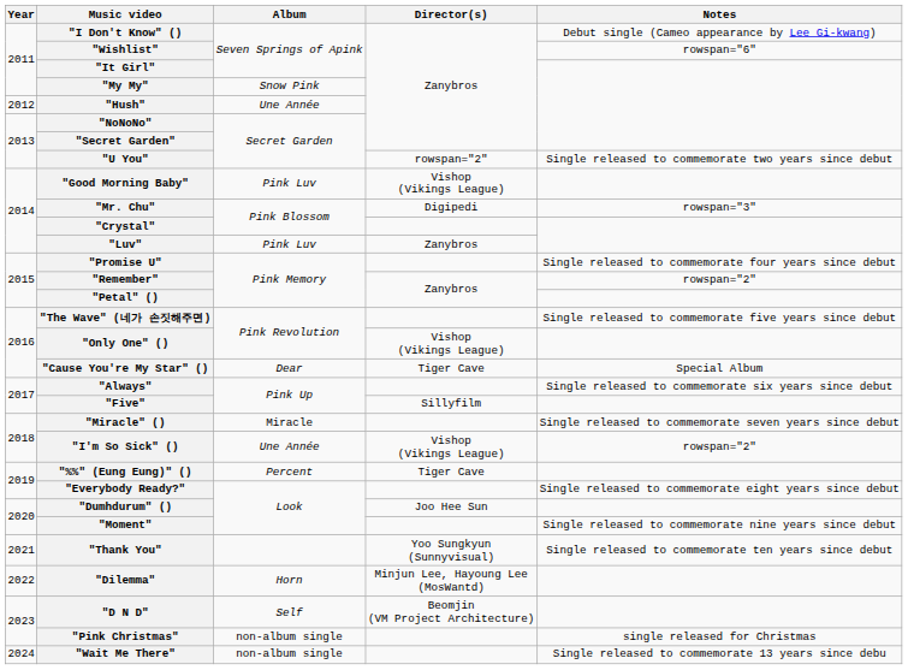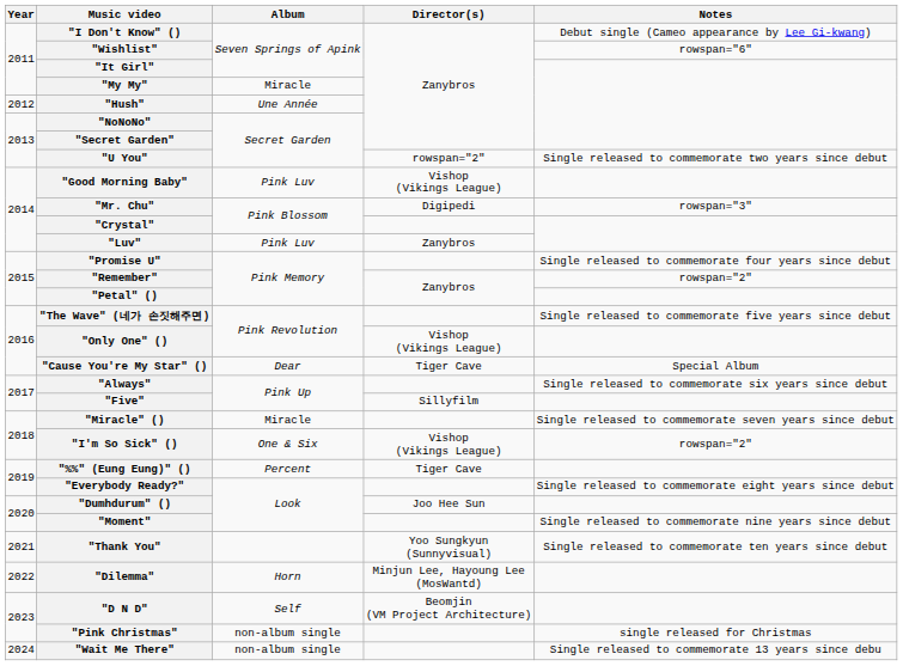 <table class="wikitable plainrowheaders" style="text-align:center; table-layout:fixed; margin-right:0">
 <tr>
 <th>Year</th>
 <th>Music video</th>
 <th>Album</th>
 <th>Director(s)</th>
 <th>Notes</th>
 </tr>
 <tr>
 <td rowspan="4">2011</td>
 <th scope="row">"I Don't Know" ()</th>
 <td rowspan="3"><em>Seven Springs of Apink</em></td>
 <td rowspan="7">Zanybros</td>
 <td>Debut single (Cameo appearance by <a href='#'>Lee Gi-kwang</a>)</td>
 </tr>
 <tr>
 <th scope="row">"Wishlist"</th>
 <td>rowspan="6" </td>
 </tr>
 <tr>
 <th scope="row">"It Girl"</th>
 </tr>
 <tr>
 <th scope="row">"My My"</th>
-<td><em>Snow Pink</em></td>
+<td>Miracle</td>
 </tr>
 <tr>
 <td>2012</td>
 <th scope="row">"Hush"</th>
 <td><em>Une Année</em></td>
 </tr>
 <tr>
 <td rowspan="3">2013</td>
 <th scope="row">"NoNoNo"</th>
 <td rowspan="3"><em>Secret Garden</em></td>
 </tr>
 <tr>
 <th scope="row">"Secret Garden"</th>
 </tr>
 <tr>
 <th scope="row">"U You"</th>
 <td>rowspan="2" </td>
 <td>Single released to commemorate two years since debut</td>
 </tr>
 <tr>
 <td rowspan="4">2014</td>
 <th scope="row">"Good Morning Baby"</th>
 <td><em>Pink Luv</em></td>
 <td>Vishop <br>(Vikings League)</td>
 </tr>
 <tr>
 <th scope="row">"Mr. Chu"</th>
 <td rowspan="2"><em>Pink Blossom</em></td>
 <td>Digipedi</td>
 <td>rowspan="3" </td>
 </tr>
 <tr>
 <th scope="row">"Crystal"</th>
 <td></td>
 </tr>
 <tr>
 <th scope="row">"Luv"</th>
 <td><em>Pink Luv</em></td>
 <td>Zanybros</td>
 </tr>
 <tr>
 <td rowspan="3">2015</td>
 <th scope="row">"Promise U"</th>
 <td rowspan="3"><em>Pink Memory</em></td>
 <td></td>
 <td>Single released to commemorate four years since debut</td>
 </tr>
 <tr>
 <th scope="row">"Remember"</th>
 <td rowspan="2">Zanybros</td>
 <td>rowspan="2" </td>
 </tr>
 <tr>
 <th scope="row">"Petal" ()</th>
 </tr>
 <tr>
 <td rowspan="3">2016</td>
 <th scope="row">"The Wave" (네가 손짓해주면)</th>
 <td rowspan="2"><em>Pink Revolution</em></td>
 <td></td>
 <td>Single released to commemorate five years since debut</td>
 </tr>
 <tr>
 <th scope="row">"Only One" ()</th>
 <td>Vishop <br>(Vikings League)</td>
 <td></td>
 </tr>
 <tr>
 <th scope="row">"Cause You're My Star" ()</th>
 <td><em>Dear</em></td>
 <td>Tiger Cave</td>
 <td>Special Album</td>
 </tr>
 <tr>
 <td rowspan="2">2017</td>
 <th scope="row">"Always"</th>
 <td rowspan="2"><em>Pink Up</em></td>
 <td></td>
 <td>Single released to commemorate six years since debut</td>
 </tr>
 <tr>
 <th scope="row">"Five"</th>
 <td>Sillyfilm</td>
 <td></td>
 </tr>
 <tr>
 <td rowspan="2">2018</td>
 <th scope="row">"Miracle" ()</th>
 <td>Miracle</td>
 <td></td>
 <td>Single released to commemorate seven years since debut</td>
 </tr>
 <tr>
 <th scope="row">"I'm So Sick" ()</th>
-<td><em>Une Année</em></td>
+<td><em>One & Six</em></td>
 <td>Vishop <br>(Vikings League)</td>
 <td>rowspan="2" </td>
 </tr>
 <tr>
 <td rowspan="2">2019</td>
 <th scope="row">"%%" (Eung Eung)" ()</th>
 <td><em>Percent</em></td>
 <td>Tiger Cave</td>
 </tr>
 <tr>
 <th scope="row">"Everybody Ready?"</th>
 <td rowspan="3"><em>Look</em></td>
 <td></td>
 <td>Single released to commemorate eight years since debut</td>
 </tr>
 <tr>
 <td rowspan="2">2020</td>
 <th scope="row">"Dumhdurum" ()</th>
 <td>Joo Hee Sun</td>
 <td></td>
 </tr>
 <tr>
 <th scope="row">"Moment"</th>
 <td></td>
 <td>Single released to commemorate nine years since debut</td>
 </tr>
 <tr>
 <td>2021</td>
 <th scope="row">"Thank You"</th>
 <td></td>
 <td>Yoo Sungkyun<br>(Sunnyvisual)</td>
 <td>Single released to commemorate ten years since debut</td>
 </tr>
 <tr>
 <td>2022</td>
 <th scope="row">"Dilemma"</th>
 <td><em>Horn</em></td>
 <td>Minjun Lee, Hayoung Lee<br>(MosWantd)</td>
 <td></td>
 </tr>
 <tr>
 <td rowspan="2">2023</td>
 <th scope="row">"D N D"</th>
 <td><em>Self</em></td>
 <td>Beomjin<br>(VM Project Architecture)</td>
 <td></td>
 </tr>
 <tr>
 <th scope="row">"Pink Christmas"</th>
 <td>non-album single</td>
 <td></td>
 <td>single released for Christmas</td>
 </tr>
 <tr>
 <td>2024</td>
 <th scope="row">"Wait Me There"</th>
 <td>non-album single</td>
 <td></td>
 <td>Single released to commemorate 13 years since debu</td>
 </tr>
 </table>
